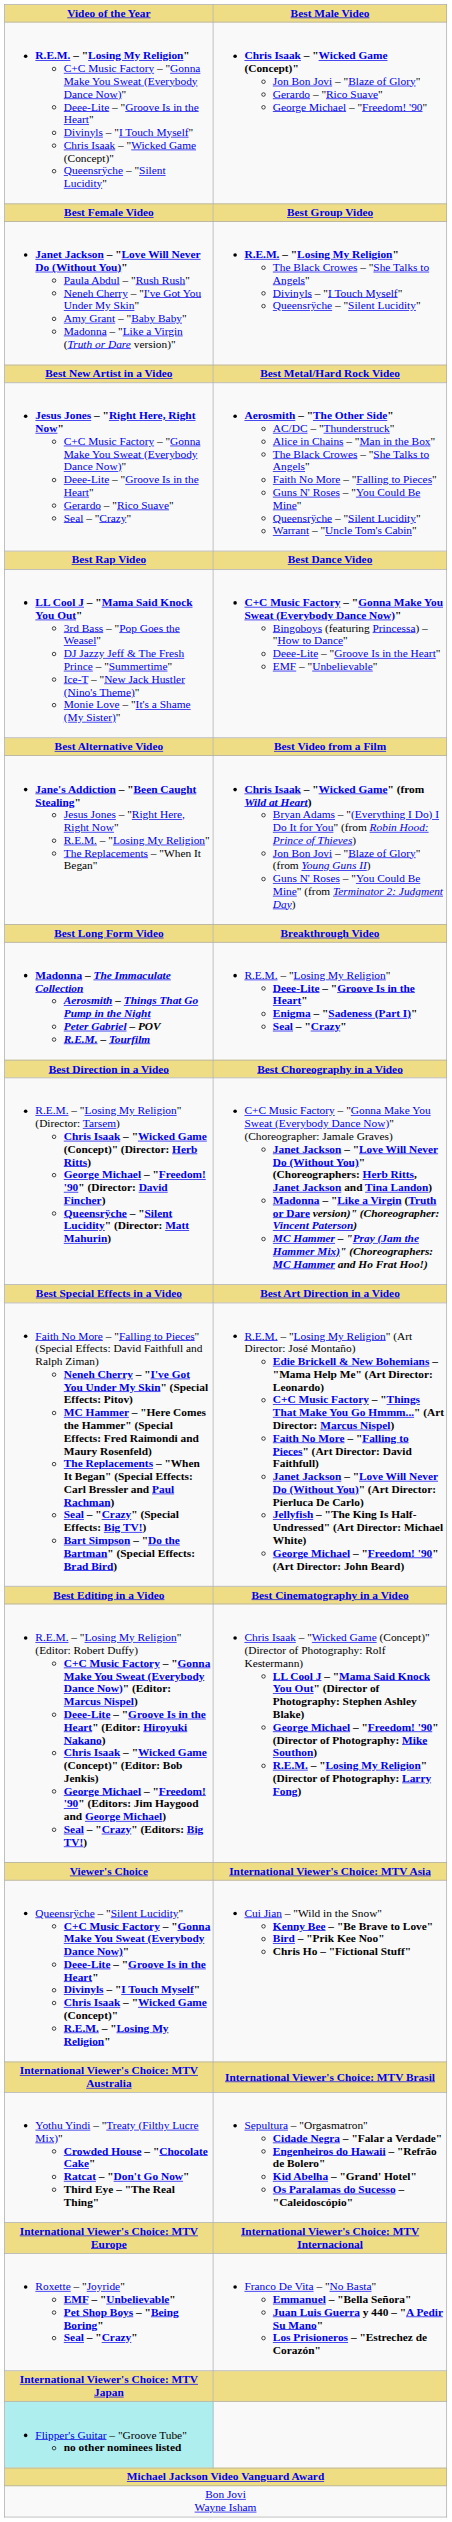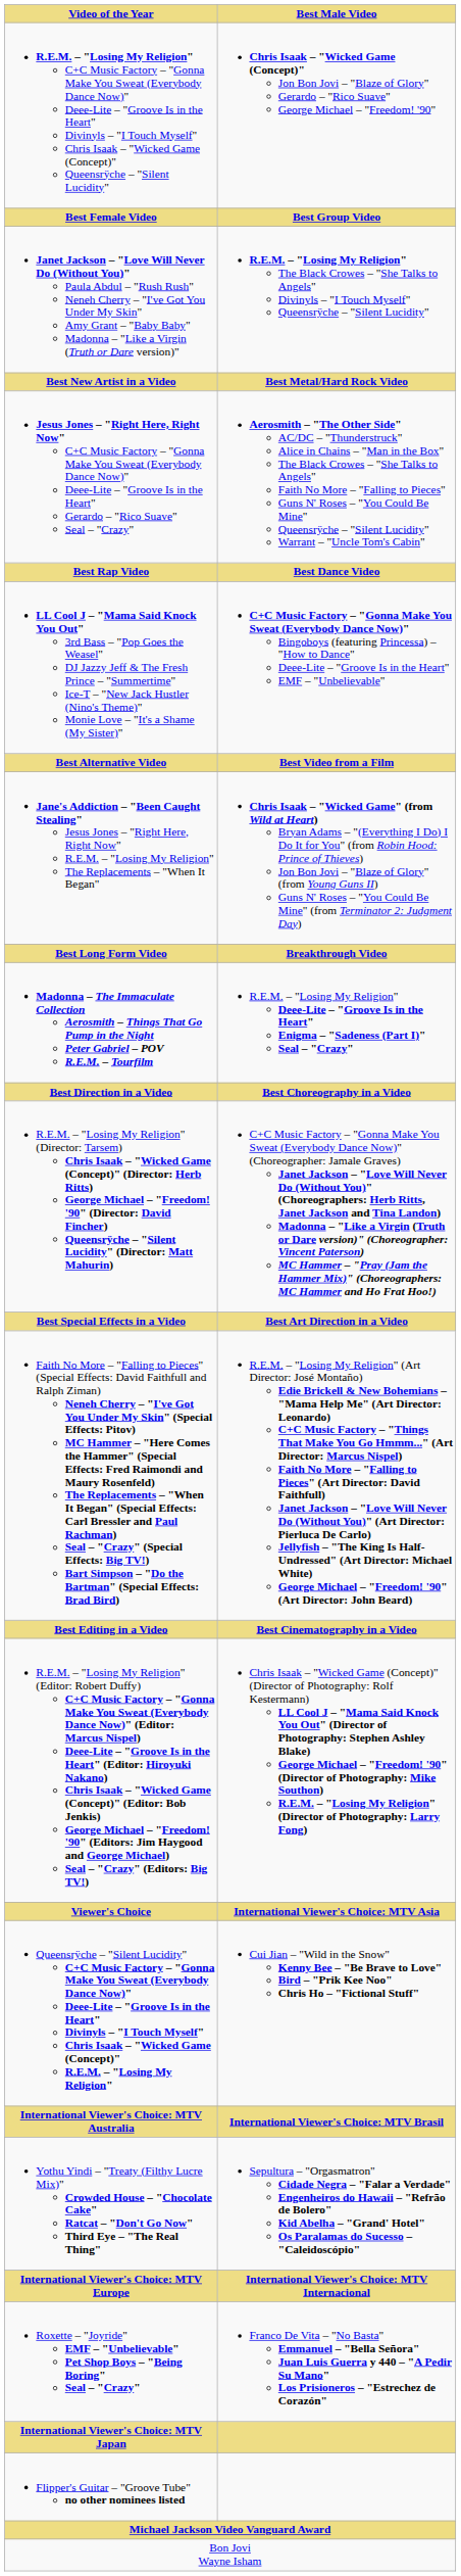 <table class="wikitable" style="width:100%">
 <tr>
 <th style="background:#EEDD85; width=50%"><a href='#'>Video of the Year</a></th>
 <th style="background:#EEDD85; width=50%"><a href='#'>Best Male Video</a></th>
 </tr>
 <tr>
 <td valign="top"><br><ul><li><strong><a href='#'>R.E.M.</a> – "<a href='#'>Losing My Religion</a>"</strong><ul><li><a href='#'>C+C Music Factory</a> – "<a href='#'>Gonna Make You Sweat (Everybody Dance Now)</a>"</li><li><a href='#'>Deee-Lite</a> – "<a href='#'>Groove Is in the Heart</a>"</li><li><a href='#'>Divinyls</a> – "<a href='#'>I Touch Myself</a>"</li><li><a href='#'>Chris Isaak</a> – "<a href='#'>Wicked Game</a> (Concept)"</li><li><a href='#'>Queensrÿche</a> – "<a href='#'>Silent Lucidity</a>"</li></ul></li></ul></td>
 <td valign="top"><br><ul><li><strong><a href='#'>Chris Isaak</a> – "<a href='#'>Wicked Game</a> (Concept)"</strong><ul><li><a href='#'>Jon Bon Jovi</a> – "<a href='#'>Blaze of Glory</a>"</li><li><a href='#'>Gerardo</a> – "<a href='#'>Rico Suave</a>"</li><li><a href='#'>George Michael</a> – "<a href='#'>Freedom! '90</a>"</li></ul></li></ul></td>
 </tr>
 <tr>
 <th style="background:#EEDD85; width=50%"><a href='#'>Best Female Video</a></th>
 <th style="background:#EEDD85; width=50%"><a href='#'>Best Group Video</a></th>
 </tr>
 <tr>
 <td valign="top"><br><ul><li><strong><a href='#'>Janet Jackson</a> – "<a href='#'>Love Will Never Do (Without You)</a>"</strong><ul><li><a href='#'>Paula Abdul</a> – "<a href='#'>Rush Rush</a>"</li><li><a href='#'>Neneh Cherry</a> – "<a href='#'>I've Got You Under My Skin</a>"</li><li><a href='#'>Amy Grant</a> – "<a href='#'>Baby Baby</a>"</li><li><a href='#'>Madonna</a> – "<a href='#'>Like a Virgin</a> (<em><a href='#'>Truth or Dare</a></em> version)"</li></ul></li></ul></td>
 <td valign="top"><br><ul><li><strong><a href='#'>R.E.M.</a> – "<a href='#'>Losing My Religion</a>"</strong><ul><li><a href='#'>The Black Crowes</a> – "<a href='#'>She Talks to Angels</a>"</li><li><a href='#'>Divinyls</a> – "<a href='#'>I Touch Myself</a>"</li><li><a href='#'>Queensrÿche</a> – "<a href='#'>Silent Lucidity</a>"</li></ul></li></ul></td>
 </tr>
 <tr>
 <th style="background:#EEDD85; width=50%"><a href='#'>Best New Artist in a Video</a></th>
 <th style="background:#EEDD85; width=50%"><a href='#'>Best Metal/Hard Rock Video</a></th>
 </tr>
 <tr>
 <td valign="top"><br><ul><li><strong><a href='#'>Jesus Jones</a> – "<a href='#'>Right Here, Right Now</a>"</strong><ul><li><a href='#'>C+C Music Factory</a> – "<a href='#'>Gonna Make You Sweat (Everybody Dance Now)</a>"</li><li><a href='#'>Deee-Lite</a> – "<a href='#'>Groove Is in the Heart</a>"</li><li><a href='#'>Gerardo</a> – "<a href='#'>Rico Suave</a>"</li><li><a href='#'>Seal</a> – "<a href='#'>Crazy</a>"</li></ul></li></ul></td>
 <td valign="top"><br><ul><li><strong><a href='#'>Aerosmith</a> – "<a href='#'>The Other Side</a>"</strong><ul><li><a href='#'>AC/DC</a> – "<a href='#'>Thunderstruck</a>"</li><li><a href='#'>Alice in Chains</a> – "<a href='#'>Man in the Box</a>"</li><li><a href='#'>The Black Crowes</a> – "<a href='#'>She Talks to Angels</a>"</li><li><a href='#'>Faith No More</a> – "<a href='#'>Falling to Pieces</a>"</li><li><a href='#'>Guns N' Roses</a> – "<a href='#'>You Could Be Mine</a>"</li><li><a href='#'>Queensrÿche</a> – "<a href='#'>Silent Lucidity</a>"</li><li><a href='#'>Warrant</a> – "<a href='#'>Uncle Tom's Cabin</a>"</li></ul></li></ul></td>
 </tr>
 <tr>
 <th style="background:#EEDD85; width=50%"><a href='#'>Best Rap Video</a></th>
 <th style="background:#EEDD85; width=50%"><a href='#'>Best Dance Video</a></th>
 </tr>
 <tr>
 <td valign="top"><br><ul><li><strong><a href='#'>LL Cool J</a> – "<a href='#'>Mama Said Knock You Out</a>"</strong><ul><li><a href='#'>3rd Bass</a> – "<a href='#'>Pop Goes the Weasel</a>"</li><li><a href='#'>DJ Jazzy Jeff & The Fresh Prince</a> – "<a href='#'>Summertime</a>"</li><li><a href='#'>Ice-T</a> – "<a href='#'>New Jack Hustler (Nino's Theme)</a>"</li><li><a href='#'>Monie Love</a> – "<a href='#'>It's a Shame (My Sister)</a>"</li></ul></li></ul></td>
 <td valign="top"><br><ul><li><strong><a href='#'>C+C Music Factory</a> – "<a href='#'>Gonna Make You Sweat (Everybody Dance Now)</a>"</strong><ul><li><a href='#'>Bingoboys</a> (featuring <a href='#'>Princessa</a>) – "<a href='#'>How to Dance</a>"</li><li><a href='#'>Deee-Lite</a> – "<a href='#'>Groove Is in the Heart</a>"</li><li><a href='#'>EMF</a> – "<a href='#'>Unbelievable</a>"</li></ul></li></ul></td>
 </tr>
 <tr>
 <th style="background:#EEDD85; width=50%"><a href='#'>Best Alternative Video</a></th>
 <th style="background:#EEDD85; width=50%"><a href='#'>Best Video from a Film</a></th>
 </tr>
 <tr>
 <td valign="top"><br><ul><li><strong><a href='#'>Jane's Addiction</a> – "<a href='#'>Been Caught Stealing</a>"</strong><ul><li><a href='#'>Jesus Jones</a> – "<a href='#'>Right Here, Right Now</a>"</li><li><a href='#'>R.E.M.</a> – "<a href='#'>Losing My Religion</a>"</li><li><a href='#'>The Replacements</a> – "When It Began"</li></ul></li></ul></td>
 <td valign="top"><br><ul><li><strong><a href='#'>Chris Isaak</a> – "<a href='#'>Wicked Game</a>" (from <em><a href='#'>Wild at Heart</a></em>)</strong><ul><li><a href='#'>Bryan Adams</a> – "<a href='#'>(Everything I Do) I Do It for You</a>" (from <em><a href='#'>Robin Hood: Prince of Thieves</a></em>)</li><li><a href='#'>Jon Bon Jovi</a> – "<a href='#'>Blaze of Glory</a>" (from <em><a href='#'>Young Guns II</a></em>)</li><li><a href='#'>Guns N' Roses</a> – "<a href='#'>You Could Be Mine</a>" (from <em><a href='#'>Terminator 2: Judgment Day</a></em>)</li></ul></li></ul></td>
 </tr>
 <tr>
 <th style="background:#EEDD85; width=50%"><a href='#'>Best Long Form Video</a></th>
 <th style="background:#EEDD85; width=50%"><a href='#'>Breakthrough Video</a></th>
 </tr>
 <tr>
 <td valign="top"><br><ul><li><strong><a href='#'>Madonna</a> – <em><a href='#'>The Immaculate Collection</a><strong><em><ul><li><a href='#'>Aerosmith</a> – </em><a href='#'>Things That Go Pump in the Night</a><em></li><li><a href='#'>Peter Gabriel</a> – </em>POV<em></li><li><a href='#'>R.E.M.</a> – </em><a href='#'>Tourfilm</a><em></li></ul></li></ul></td>
 <td valign="top"><br><ul><li></strong><a href='#'>R.E.M.</a> – "<a href='#'>Losing My Religion</a>"<strong><ul><li><a href='#'>Deee-Lite</a> – "<a href='#'>Groove Is in the Heart</a>"</li><li><a href='#'>Enigma</a> – "<a href='#'>Sadeness (Part I)</a>"</li><li><a href='#'>Seal</a> – "<a href='#'>Crazy</a>"</li></ul></li></ul></td>
 </tr>
 <tr>
 <th style="background:#EEDD85; width=50%"><a href='#'>Best Direction in a Video</a></th>
 <th style="background:#EEDD85; width=50%"><a href='#'>Best Choreography in a Video</a></th>
 </tr>
 <tr>
 <td valign="top"><br><ul><li></strong><a href='#'>R.E.M.</a> – "<a href='#'>Losing My Religion</a>" (Director: <a href='#'>Tarsem</a>)<strong><ul><li><a href='#'>Chris Isaak</a> – "<a href='#'>Wicked Game</a> (Concept)" (Director: <a href='#'>Herb Ritts</a>)</li><li><a href='#'>George Michael</a> – "<a href='#'>Freedom! '90</a>" (Director: <a href='#'>David Fincher</a>)</li><li><a href='#'>Queensrÿche</a> – "<a href='#'>Silent Lucidity</a>" (Director: <a href='#'>Matt Mahurin</a>)</li></ul></li></ul></td>
 <td valign="top"><br><ul><li></strong><a href='#'>C+C Music Factory</a> – "<a href='#'>Gonna Make You Sweat (Everybody Dance Now)</a>" (Choreographer: Jamale Graves)<strong><ul><li><a href='#'>Janet Jackson</a> – "<a href='#'>Love Will Never Do (Without You)</a>" (Choreographers: <a href='#'>Herb Ritts</a>, <a href='#'>Janet Jackson</a> and <a href='#'>Tina Landon</a>)</li><li><a href='#'>Madonna</a> – "<a href='#'>Like a Virgin</a> (</em><a href='#'>Truth or Dare</a><em> version)" (Choreographer: <a href='#'>Vincent Paterson</a>)</li><li><a href='#'>MC Hammer</a> – "<a href='#'>Pray (Jam the Hammer Mix)</a>" (Choreographers: <a href='#'>MC Hammer</a> and Ho Frat Hoo!)</li></ul></li></ul></td>
 </tr>
 <tr>
 <th style="background:#EEDD85; width=50%"><a href='#'>Best Special Effects in a Video</a></th>
 <th style="background:#EEDD85; width=50%"><a href='#'>Best Art Direction in a Video</a></th>
 </tr>
 <tr>
 <td valign="top"><br><ul><li></strong><a href='#'>Faith No More</a> – "<a href='#'>Falling to Pieces</a>" (Special Effects: David Faithfull and Ralph Ziman)<strong><ul><li><a href='#'>Neneh Cherry</a> – "<a href='#'>I've Got You Under My Skin</a>" (Special Effects: Pitov)</li><li><a href='#'>MC Hammer</a> – "Here Comes the Hammer" (Special Effects: Fred Raimondi and Maury Rosenfeld)</li><li><a href='#'>The Replacements</a> – "When It Began" (Special Effects: Carl Bressler and <a href='#'>Paul Rachman</a>)</li><li><a href='#'>Seal</a> – "<a href='#'>Crazy</a>" (Special Effects: <a href='#'>Big TV!</a>)</li><li><a href='#'>Bart Simpson</a> – "<a href='#'>Do the Bartman</a>" (Special Effects: <a href='#'>Brad Bird</a>)</li></ul></li></ul></td>
 <td valign="top"><br><ul><li></strong><a href='#'>R.E.M.</a> – "<a href='#'>Losing My Religion</a>" (Art Director: José Montaño)<strong><ul><li><a href='#'>Edie Brickell & New Bohemians</a> – "Mama Help Me" (Art Director: Leonardo)</li><li><a href='#'>C+C Music Factory</a> – "<a href='#'>Things That Make You Go Hmmm...</a>" (Art Director: <a href='#'>Marcus Nispel</a>)</li><li><a href='#'>Faith No More</a> – "<a href='#'>Falling to Pieces</a>" (Art Director: David Faithfull)</li><li><a href='#'>Janet Jackson</a> – "<a href='#'>Love Will Never Do (Without You)</a>" (Art Director: Pierluca De Carlo)</li><li><a href='#'>Jellyfish</a> – "The King Is Half-Undressed" (Art Director: Michael White)</li><li><a href='#'>George Michael</a> – "<a href='#'>Freedom! '90</a>" (Art Director: John Beard)</li></ul></li></ul></td>
 </tr>
 <tr>
 <th style="background:#EEDD85; width=50%"><a href='#'>Best Editing in a Video</a></th>
 <th style="background:#EEDD85; width=50%"><a href='#'>Best Cinematography in a Video</a></th>
 </tr>
 <tr>
 <td valign="top"><br><ul><li></strong><a href='#'>R.E.M.</a> – "<a href='#'>Losing My Religion</a>" (Editor: Robert Duffy)<strong><ul><li><a href='#'>C+C Music Factory</a> – "<a href='#'>Gonna Make You Sweat (Everybody Dance Now)</a>" (Editor: <a href='#'>Marcus Nispel</a>)</li><li><a href='#'>Deee-Lite</a> – "<a href='#'>Groove Is in the Heart</a>" (Editor: <a href='#'>Hiroyuki Nakano</a>)</li><li><a href='#'>Chris Isaak</a> – "<a href='#'>Wicked Game</a> (Concept)" (Editor: Bob Jenkis)</li><li><a href='#'>George Michael</a> – "<a href='#'>Freedom! '90</a>" (Editors: Jim Haygood and <a href='#'>George Michael</a>)</li><li><a href='#'>Seal</a> – "<a href='#'>Crazy</a>" (Editors: <a href='#'>Big TV!</a>)</li></ul></li></ul></td>
 <td valign="top"><br><ul><li></strong><a href='#'>Chris Isaak</a> – "<a href='#'>Wicked Game</a> (Concept)" (Director of Photography: Rolf Kestermann)<strong><ul><li><a href='#'>LL Cool J</a> – "<a href='#'>Mama Said Knock You Out</a>" (Director of Photography: Stephen Ashley Blake)</li><li><a href='#'>George Michael</a> – "<a href='#'>Freedom! '90</a>" (Director of Photography: <a href='#'>Mike Southon</a>)</li><li><a href='#'>R.E.M.</a> – "<a href='#'>Losing My Religion</a>" (Director of Photography: <a href='#'>Larry Fong</a>)</li></ul></li></ul></td>
 </tr>
 <tr>
 <th style="background:#EEDD85; width=50%"><a href='#'>Viewer's Choice</a></th>
 <th style="background:#EEDD82; width=50%"><a href='#'>International Viewer's Choice: MTV Asia</a></th>
 </tr>
 <tr>
 <td valign="top"><br><ul><li></strong><a href='#'>Queensrÿche</a> – "<a href='#'>Silent Lucidity</a>"<strong><ul><li><a href='#'>C+C Music Factory</a> – "<a href='#'>Gonna Make You Sweat (Everybody Dance Now)</a>"</li><li><a href='#'>Deee-Lite</a> – "<a href='#'>Groove Is in the Heart</a>"</li><li><a href='#'>Divinyls</a> – "<a href='#'>I Touch Myself</a>"</li><li><a href='#'>Chris Isaak</a> – "<a href='#'>Wicked Game</a> (Concept)"</li><li><a href='#'>R.E.M.</a> – "<a href='#'>Losing My Religion</a>"</li></ul></li></ul></td>
 <td valign="top"><br><ul><li></strong><a href='#'>Cui Jian</a> – "Wild in the Snow"<strong><ul><li><a href='#'>Kenny Bee</a> – "Be Brave to Love"</li><li><a href='#'>Bird</a> – "Prik Kee Noo"</li><li>Chris Ho – "Fictional Stuff"</li></ul></li></ul></td>
 </tr>
 <tr>
 <th style="background:#EEDD85; width=50%"><a href='#'>International Viewer's Choice: MTV Australia</a></th>
 <th style="background:#EEDD85; width=50%"><a href='#'>International Viewer's Choice: MTV Brasil</a></th>
 </tr>
 <tr>
 <td valign="top"><br><ul><li></strong><a href='#'>Yothu Yindi</a> – "<a href='#'>Treaty (Filthy Lucre Mix)</a>"<strong><ul><li><a href='#'>Crowded House</a> – "<a href='#'>Chocolate Cake</a>"</li><li><a href='#'>Ratcat</a> – "<a href='#'>Don't Go Now</a>"</li><li>Third Eye – "The Real Thing"</li></ul></li></ul></td>
 <td valign="top"><br><ul><li></strong><a href='#'>Sepultura</a> – "Orgasmatron"<strong><ul><li><a href='#'>Cidade Negra</a> – "Falar a Verdade"</li><li><a href='#'>Engenheiros do Hawaii</a> – "Refrão de Bolero"</li><li><a href='#'>Kid Abelha</a> – "Grand' Hotel"</li><li><a href='#'>Os Paralamas do Sucesso</a> – "Caleidoscópio"</li></ul></li></ul></td>
 </tr>
 <tr>
 <th style="background:#EEDD85; width=50%"><a href='#'>International Viewer's Choice: MTV Europe</a></th>
 <th style="background:#EEDD85; width=50%"><a href='#'>International Viewer's Choice: MTV Internacional</a></th>
 </tr>
 <tr>
 <td valign="top"><br><ul><li></strong><a href='#'>Roxette</a> – "<a href='#'>Joyride</a>"<strong><ul><li><a href='#'>EMF</a> – "<a href='#'>Unbelievable</a>"</li><li><a href='#'>Pet Shop Boys</a> – "<a href='#'>Being Boring</a>"</li><li><a href='#'>Seal</a> – "<a href='#'>Crazy</a>"</li></ul></li></ul></td>
 <td valign="top"><br><ul><li></strong><a href='#'>Franco De Vita</a> – "<a href='#'>No Basta</a>"<strong><ul><li><a href='#'>Emmanuel</a> – "Bella Señora"</li><li><a href='#'>Juan Luis Guerra</a> y 440 – "<a href='#'>A Pedir Su Mano</a>"</li><li><a href='#'>Los Prisioneros</a> – "Estrechez de Corazón"</li></ul></li></ul></td>
 </tr>
 <tr>
 <th style="background:#EEDD85; width=50%"><a href='#'>International Viewer's Choice: MTV Japan</a></th>
 <th style="background:#EEDD85; width=50%"></th>
 </tr>
 <tr>
-<td valign="top" style="background: paleturquoise;"><br><ul><li></strong><a href='#'>Flipper's Guitar</a> – "Groove Tube"<strong><ul><li></em>no other nominees listed<em></li></ul></li></ul></td>
+<td valign="top"><br><ul><li></strong><a href='#'>Flipper's Guitar</a> – "Groove Tube"<strong><ul><li></em>no other nominees listed<em></li></ul></li></ul></td>
 </tr>
 <tr>
 <th style="background:#EEDD82; width=50%" colspan="2"><a href='#'>Michael Jackson Video Vanguard Award</a></th>
 </tr>
 <tr>
 <td colspan="2" style="text-align: center;"></strong><a href='#'>Bon Jovi</a><strong><br></strong><a href='#'>Wayne Isham</a><strong></td>
 </tr>
 </table>
